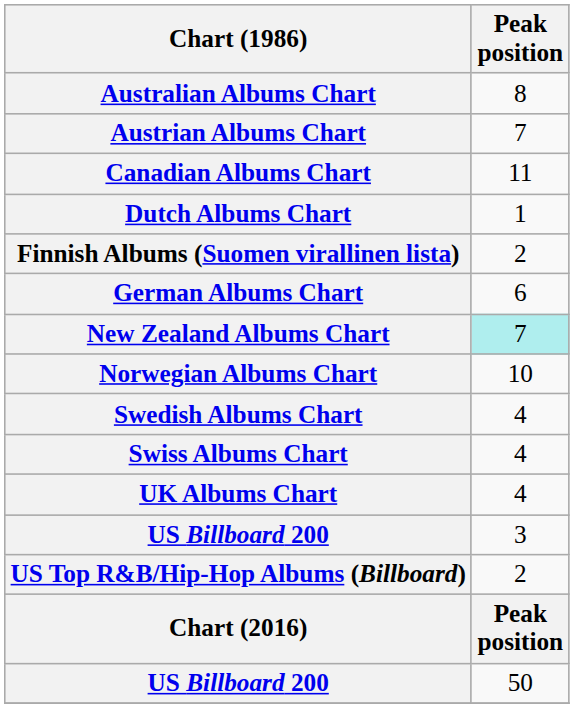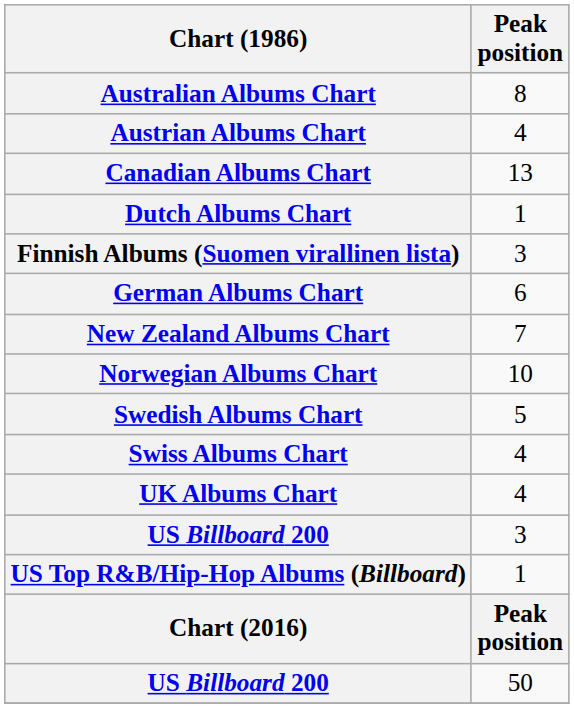 <table class="wikitable sortable plainrowheaders" style="text-align:center">
 <tr>
 <th scope="col">Chart (1986)</th>
 <th scope="col">Peak<br> position</th>
 </tr>
 <tr>
 <th scope="row"><a href='#'>Australian Albums Chart</a></th>
 <td>8</td>
 </tr>
 <tr>
 <th scope="row"><a href='#'>Austrian Albums Chart</a></th>
-<td>7</td>
+<td>4</td>
 </tr>
 <tr>
 <th scope="row"><a href='#'>Canadian Albums Chart</a></th>
-<td>11</td>
+<td>13</td>
 </tr>
 <tr>
 <th scope="row"><a href='#'>Dutch Albums Chart</a></th>
 <td>1</td>
 </tr>
 <tr>
 <th scope="row">Finnish Albums (<a href='#'>Suomen virallinen lista</a>)</th>
-<td>2</td>
+<td>3</td>
 </tr>
 <tr>
 <th scope="row"><a href='#'>German Albums Chart</a></th>
 <td>6</td>
 </tr>
 <tr>
 <th scope="row"><a href='#'>New Zealand Albums Chart</a></th>
-<td style="background: paleturquoise;">7</td>
+<td>7</td>
 </tr>
 <tr>
 <th scope="row"><a href='#'>Norwegian Albums Chart</a></th>
 <td>10</td>
 </tr>
 <tr>
 <th scope="row"><a href='#'>Swedish Albums Chart</a></th>
-<td>4</td>
+<td>5</td>
 </tr>
 <tr>
 <th scope="row"><a href='#'>Swiss Albums Chart</a></th>
 <td>4</td>
 </tr>
 <tr>
 <th scope="row"><a href='#'>UK Albums Chart</a></th>
 <td>4</td>
 </tr>
 <tr>
 <th scope="row"><a href='#'>US <em>Billboard</em> 200</a></th>
 <td>3</td>
 </tr>
 <tr>
 <th scope="row"><a href='#'>US Top R&B/Hip-Hop Albums</a> (<em>Billboard</em>)</th>
-<td>2</td>
+<td>1</td>
 </tr>
 <tr>
 <th>Chart (2016)</th>
 <th>Peak<br>position</th>
 </tr>
 <tr>
 <th scope="row"><a href='#'>US <em>Billboard</em> 200</a></th>
 <td style="text-align:center;">50</td>
 </tr>
 <tr>
 </tr>
 </table>
